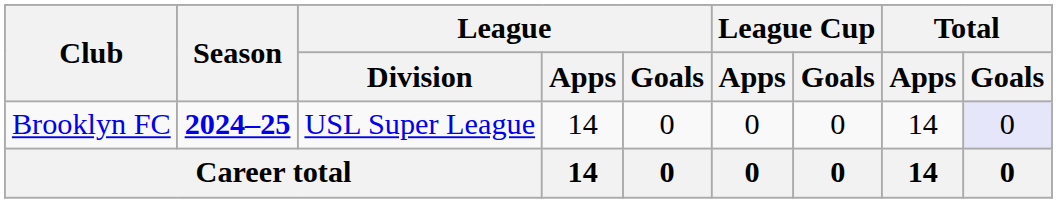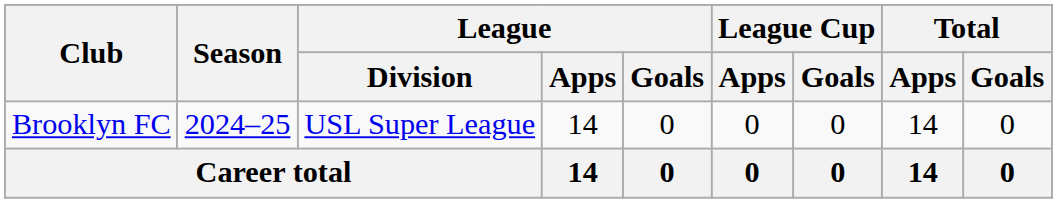 <table class="wikitable" style="text-align:center">
 <tr>
 <th rowspan="2">Club</th>
 <th rowspan="2">Season</th>
 <th colspan="3">League</th>
 <th colspan="2">League Cup</th>
 <th colspan="2">Total</th>
 </tr>
 <tr>
 <th>Division</th>
 <th>Apps</th>
 <th>Goals</th>
 <th>Apps</th>
 <th>Goals</th>
 <th>Apps</th>
 <th>Goals</th>
 </tr>
 <tr>
 <td><a href='#'>Brooklyn FC</a></td>
-<td><strong><a href='#'>2024–25</a></strong></td>
+<td><a href='#'>2024–25</a></td>
 <td><a href='#'>USL Super League</a></td>
 <td>14</td>
 <td>0</td>
 <td>0</td>
 <td>0</td>
 <td>14</td>
-<td style="background: lavender;">0</td>
+<td>0</td>
 </tr>
 <tr>
 <th colspan="3">Career total</th>
 <th>14</th>
 <th>0</th>
 <th>0</th>
 <th>0</th>
 <th>14</th>
 <th>0</th>
 </tr>
 </table>
